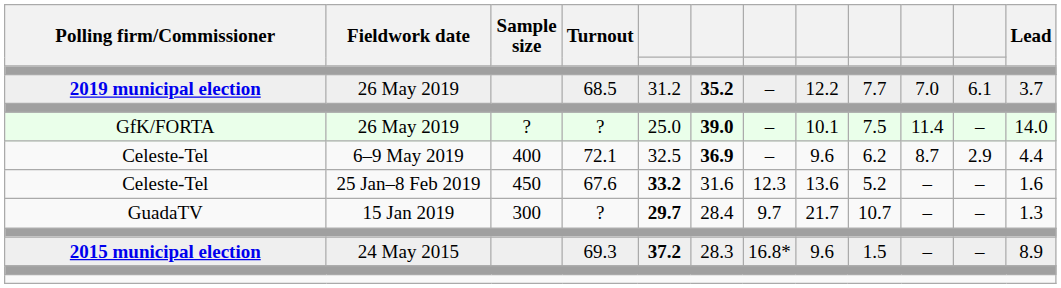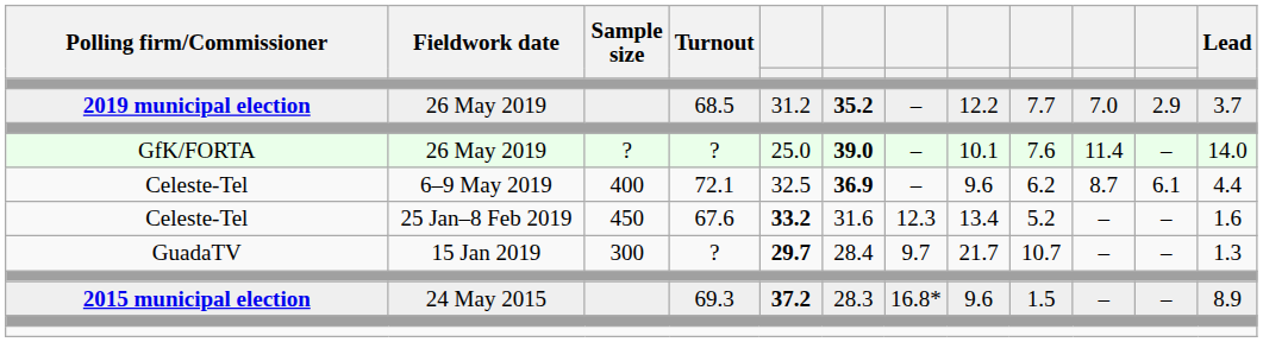 <table class="wikitable collapsible collapsed" style="text-align:center; font-size:95%; line-height:16px;">
 <tr style="height:42px;">
 <th style="width:250px;" rowspan="2">Polling firm/Commissioner</th>
 <th style="width:125px;" rowspan="2">Fieldwork date</th>
 <th style="width:50px;" rowspan="2">Sample size</th>
 <th style="width:45px;" rowspan="2">Turnout</th>
 <th style="width:35px;"></th>
 <th style="width:35px;"></th>
 <th style="width:35px;"></th>
 <th style="width:35px;"></th>
 <th style="width:35px;"></th>
 <th style="width:35px;"></th>
 <th style="width:35px;"></th>
 <th style="width:30px;" rowspan="2">Lead</th>
 </tr>
 <tr>
 <th style="color:inherit;background:"></th>
 <th style="color:inherit;background:"></th>
 <th style="color:inherit;background:"></th>
 <th style="color:inherit;background:"></th>
 <th style="color:inherit;background:"></th>
 <th style="color:inherit;background:"></th>
 <th style="color:inherit;background:"></th>
 </tr>
 <tr>
 <td colspan="12" style="background:#A0A0A0"></td>
 </tr>
 <tr style="background:#EFEFEF;">
 <td><strong><a href='#'>2019 municipal election</a></strong></td>
 <td>26 May 2019</td>
 <td></td>
 <td>68.5</td>
 <td>31.2<br></td>
 <td><strong>35.2</strong><br></td>
 <td>–</td>
 <td>12.2<br></td>
 <td>7.7<br></td>
 <td>7.0<br></td>
-<td>6.1<br></td>
+<td>2.9<br></td>
 <td style="background:">3.7</td>
 </tr>
 <tr>
 <td colspan="12" style="background:#A0A0A0"></td>
 </tr>
 <tr style="background:#EAFFEA;">
 <td>GfK/FORTA</td>
 <td>26 May 2019</td>
 <td>?</td>
 <td>?</td>
 <td>25.0<br></td>
 <td><strong>39.0</strong><br></td>
 <td>–</td>
 <td>10.1<br></td>
-<td>7.5<br></td>
+<td>7.6<br></td>
 <td>11.4<br></td>
 <td>–</td>
 <td style="background:">14.0</td>
 </tr>
 <tr>
 <td>Celeste-Tel</td>
 <td>6–9 May 2019</td>
 <td>400</td>
 <td>72.1</td>
 <td>32.5<br></td>
 <td><strong>36.9</strong><br></td>
 <td>–</td>
 <td>9.6<br></td>
 <td>6.2<br></td>
 <td>8.7<br></td>
-<td>2.9<br></td>
+<td>6.1<br></td>
 <td style="background:">4.4</td>
 </tr>
 <tr>
 <td>Celeste-Tel</td>
 <td>25 Jan–8 Feb 2019</td>
 <td>450</td>
 <td>67.6</td>
 <td><strong>33.2</strong><br></td>
 <td>31.6<br></td>
 <td>12.3<br></td>
-<td>13.6<br></td>
+<td>13.4<br></td>
 <td>5.2<br></td>
 <td>–</td>
 <td>–</td>
 <td style="background:">1.6</td>
 </tr>
 <tr>
 <td>GuadaTV</td>
 <td>15 Jan 2019</td>
 <td>300</td>
 <td>?</td>
 <td><strong>29.7</strong><br></td>
 <td>28.4<br></td>
 <td>9.7<br></td>
 <td>21.7<br></td>
 <td>10.7<br></td>
 <td>–</td>
 <td>–</td>
 <td style="background:">1.3</td>
 </tr>
 <tr>
 <td colspan="12" style="background:#A0A0A0"></td>
 </tr>
 <tr style="background:#EFEFEF;">
 <td><strong><a href='#'>2015 municipal election</a></strong></td>
 <td>24 May 2015</td>
 <td></td>
 <td>69.3</td>
 <td><strong>37.2</strong><br></td>
 <td>28.3<br></td>
 <td>16.8*<br></td>
 <td>9.6<br></td>
 <td>1.5<br></td>
 <td>–</td>
 <td>–</td>
 <td style="background:">8.9</td>
 </tr>
 <tr>
 <td colspan="12" style="background:#A0A0A0"></td>
 </tr>
 <tr>
 <td align="left" colspan="12"></td>
 </tr>
 </table>
